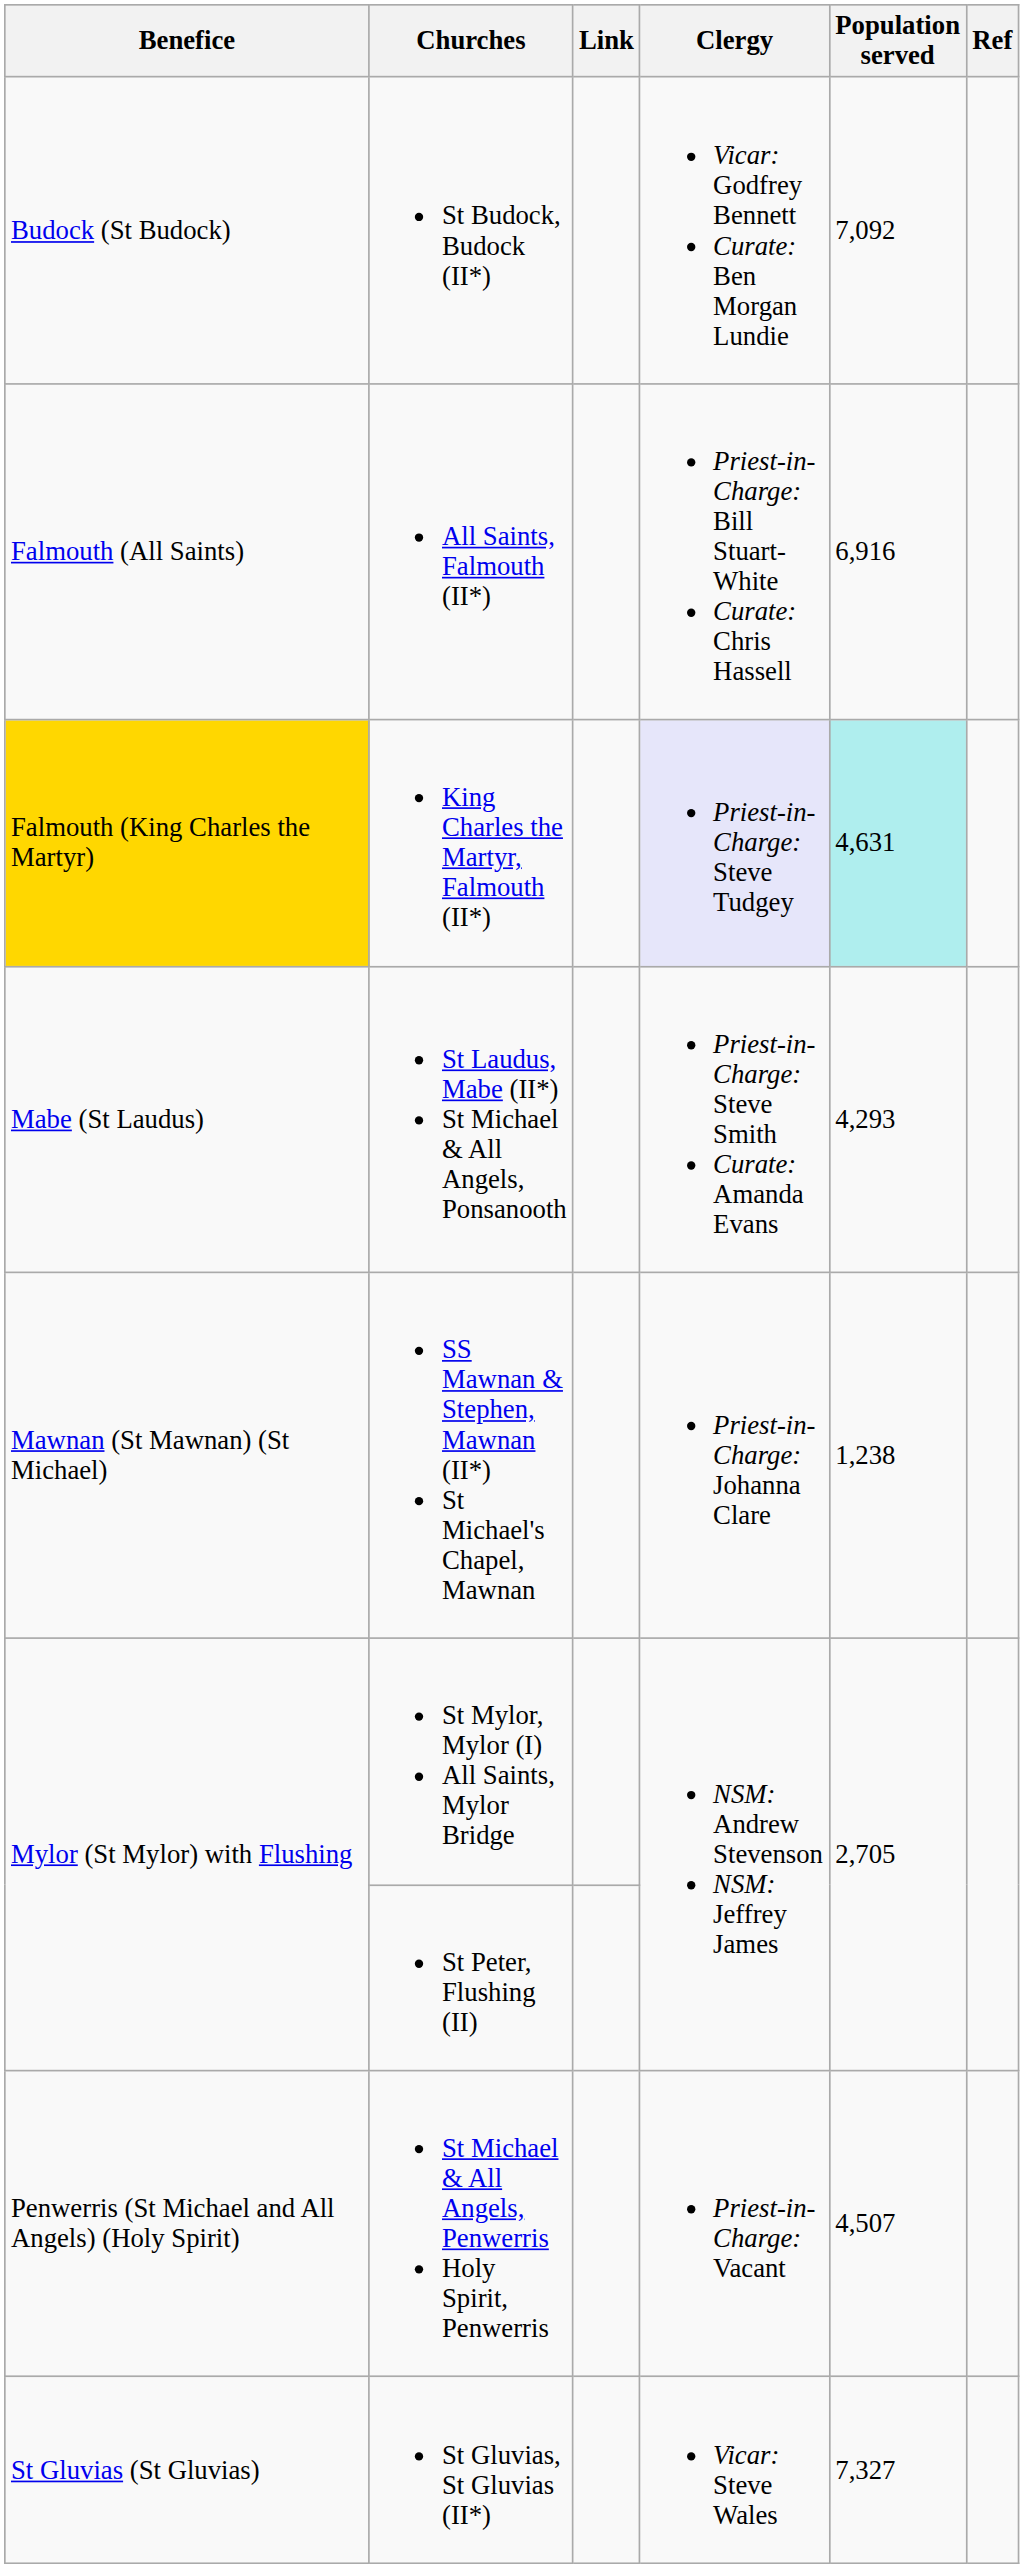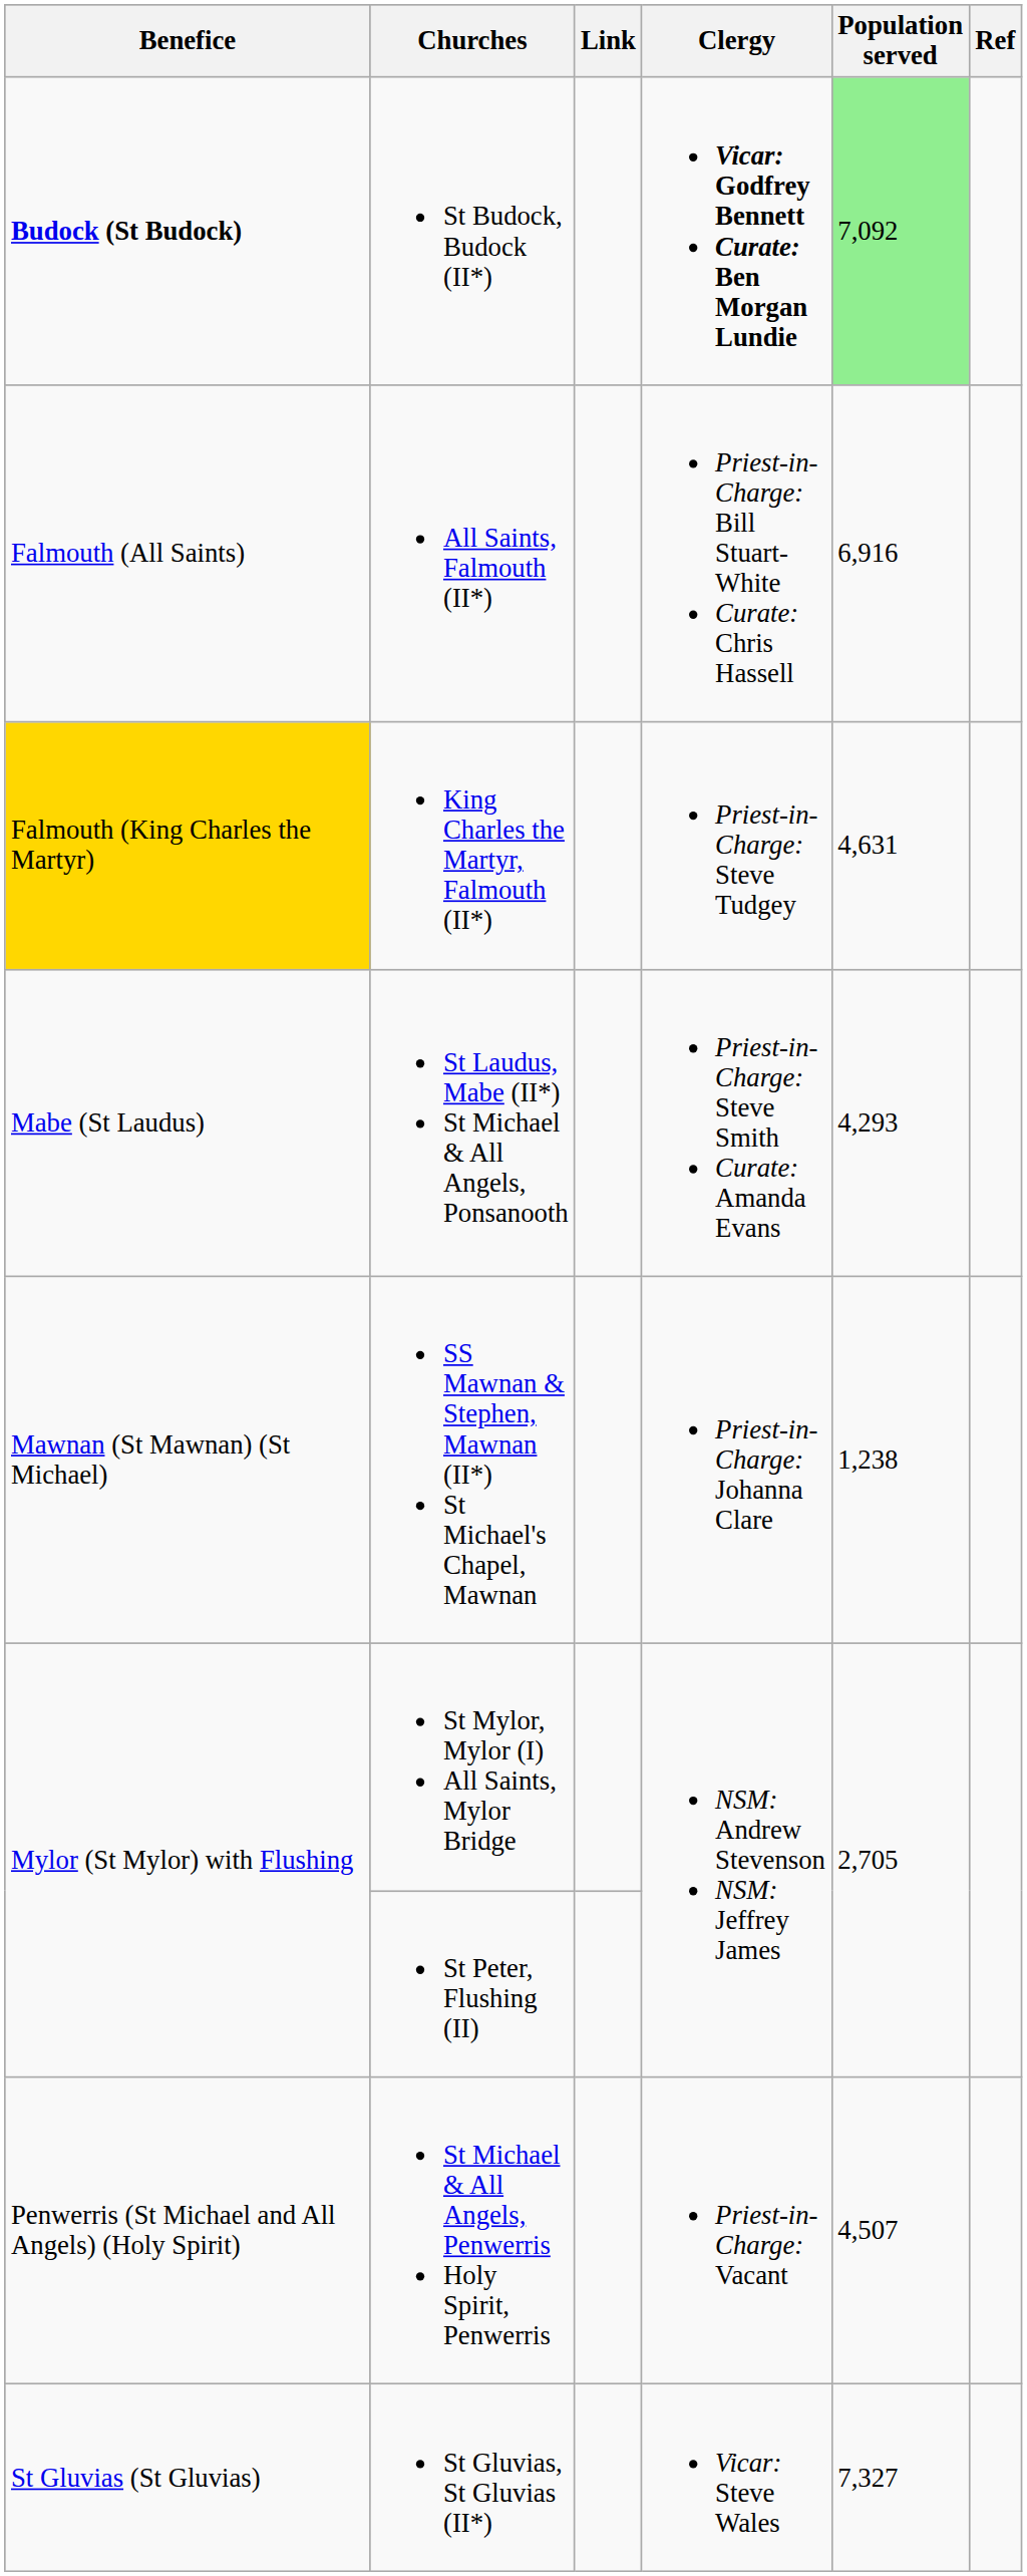 <table class="wikitable">
 <tr>
 <th width="425">Benefice</th>
 <th>Churches</th>
 <th>Link</th>
 <th>Clergy</th>
 <th>Population served</th>
 <th>Ref</th>
 </tr>
 <tr>
-<td><a href='#'>Budock</a> (St Budock)</td>
+<td><strong><a href='#'>Budock</a> (St Budock)</strong></td>
 <td><br><ul><li>St Budock, Budock (II*)</li></ul></td>
 <td></td>
-<td><br><ul><li><em>Vicar:</em> Godfrey Bennett</li><li><em>Curate:</em> Ben Morgan Lundie</li></ul></td>
-<td>7,092</td>
+<td><strong><br><ul><li><em>Vicar:</em> Godfrey Bennett</li><li><em>Curate:</em> Ben Morgan Lundie</li></ul></strong></td>
+<td style="background: lightgreen;">7,092</td>
 <td></td>
 </tr>
 <tr>
 <td><a href='#'>Falmouth</a> (All Saints)</td>
 <td><br><ul><li><a href='#'>All Saints, Falmouth</a> (II*)</li></ul></td>
 <td></td>
 <td><br><ul><li><em>Priest-in-Charge:</em> Bill Stuart-White</li><li><em>Curate:</em> Chris Hassell</li></ul></td>
 <td>6,916</td>
 <td></td>
 </tr>
 <tr>
 <td style="background: gold;">Falmouth (King Charles the Martyr)</td>
 <td><br><ul><li><a href='#'>King Charles the Martyr, Falmouth</a> (II*)</li></ul></td>
 <td></td>
-<td style="background: lavender;"><br><ul><li><em>Priest-in-Charge:</em> Steve Tudgey</li></ul></td>
-<td style="background: paleturquoise;">4,631</td>
+<td><br><ul><li><em>Priest-in-Charge:</em> Steve Tudgey</li></ul></td>
+<td>4,631</td>
 <td></td>
 </tr>
 <tr>
 <td><a href='#'>Mabe</a> (St Laudus)</td>
 <td><br><ul><li><a href='#'>St Laudus, Mabe</a> (II*)</li><li>St Michael & All Angels, Ponsanooth</li></ul></td>
 <td></td>
 <td><br><ul><li><em>Priest-in-Charge:</em> Steve Smith</li><li><em>Curate:</em> Amanda Evans</li></ul></td>
 <td>4,293</td>
 <td></td>
 </tr>
 <tr>
 <td><a href='#'>Mawnan</a> (St Mawnan) (St Michael)</td>
 <td><br><ul><li><a href='#'>SS Mawnan & Stephen, Mawnan</a> (II*)</li><li>St Michael's Chapel, Mawnan</li></ul></td>
 <td></td>
 <td><br><ul><li><em>Priest-in-Charge:</em> Johanna Clare</li></ul></td>
 <td>1,238</td>
 <td></td>
 </tr>
 <tr>
 <td rowspan="2"><a href='#'>Mylor</a> (St Mylor) with <a href='#'>Flushing</a></td>
 <td><br><ul><li>St Mylor, Mylor (I)</li><li>All Saints, Mylor Bridge</li></ul></td>
 <td></td>
 <td rowspan="2"><br><ul><li><em>NSM:</em> Andrew Stevenson</li><li><em>NSM:</em> Jeffrey James</li></ul></td>
 <td rowspan="2">2,705</td>
 <td rowspan="2"></td>
 </tr>
 <tr>
 <td><br><ul><li>St Peter, Flushing (II)</li></ul></td>
 <td></td>
 </tr>
 <tr>
 <td>Penwerris (St Michael and All Angels) (Holy Spirit)</td>
 <td><br><ul><li><a href='#'>St Michael & All Angels, Penwerris</a></li><li>Holy Spirit, Penwerris</li></ul></td>
 <td></td>
 <td><br><ul><li><em>Priest-in-Charge:</em> Vacant</li></ul></td>
 <td>4,507</td>
 <td></td>
 </tr>
 <tr>
 <td><a href='#'>St Gluvias</a> (St Gluvias)</td>
 <td><br><ul><li>St Gluvias, St Gluvias (II*)</li></ul></td>
 <td></td>
 <td><br><ul><li><em>Vicar:</em> Steve Wales</li></ul></td>
 <td>7,327</td>
 <td></td>
 </tr>
 </table>
